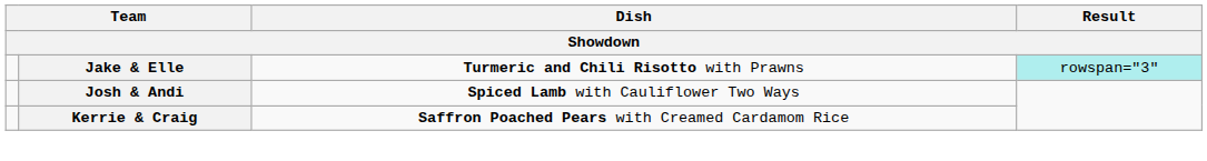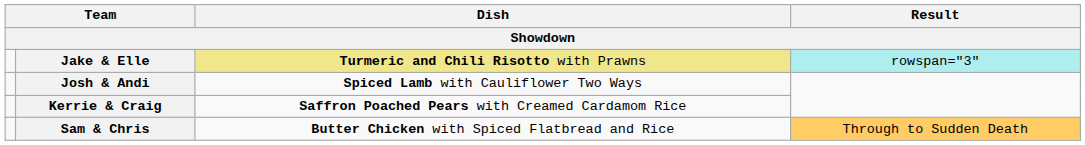 <table class="wikitable plainrowheaders" style="margin:1em auto; text-align:center; font-size:90%; width:80em;">
 <tr>
 <th colspan="2">Team</th>
 <th>Dish</th>
 <th>Result</th>
 </tr>
 <tr>
 <th colspan="4" >Showdown</th>
 </tr>
 <tr>
 <td></td>
 <th>Jake & Elle</th>
-<td><strong>Turmeric and Chili Risotto</strong> with Prawns</td>
+<td style="background: khaki;"><strong>Turmeric and Chili Risotto</strong> with Prawns</td>
 <td style="background: paleturquoise;">rowspan="3" </td>
 </tr>
 <tr>
 <td></td>
 <th>Josh & Andi</th>
 <td><strong>Spiced Lamb</strong> with Cauliflower Two Ways</td>
 </tr>
 <tr>
 <td></td>
 <th>Kerrie & Craig</th>
 <td><strong>Saffron Poached Pears</strong> with Creamed Cardamom Rice</td>
 </tr>
+<tr>
+<td></td>
+<th>Sam & Chris</th>
+<td><strong>Butter Chicken</strong> with Spiced Flatbread and Rice</td>
+<td style="background:#FFCC66;">Through to Sudden Death</td>
+</tr>
 </table>
